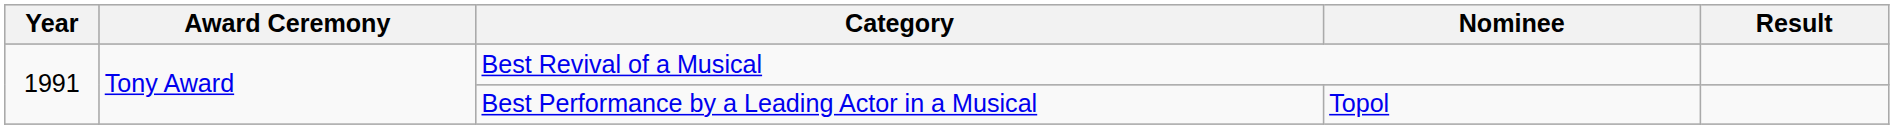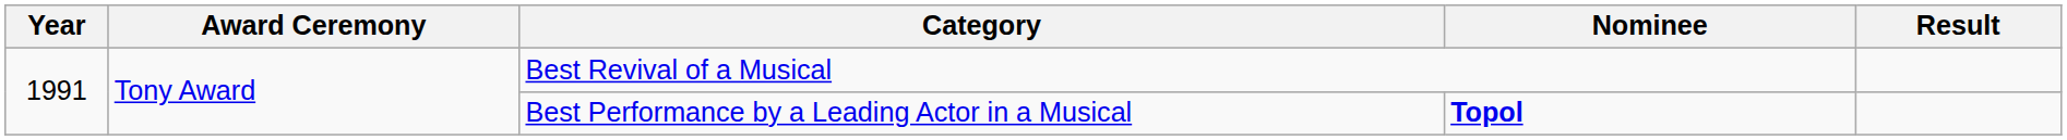 <table class="wikitable" width="95%">
 <tr>
 <th width="5%">Year</th>
 <th width="20%">Award Ceremony</th>
 <th width="45%">Category</th>
 <th width="20%">Nominee</th>
 <th width="10%">Result</th>
 </tr>
 <tr>
 <td rowspan="2" align="center">1991</td>
 <td rowspan="2"><a href='#'>Tony Award</a></td>
 <td colspan="2"><a href='#'>Best Revival of a Musical</a></td>
 <td></td>
 </tr>
 <tr>
 <td><a href='#'>Best Performance by a Leading Actor in a Musical</a></td>
-<td><a href='#'>Topol</a></td>
+<td><strong><a href='#'>Topol</a></strong></td>
 <td></td>
 </tr>
 </table>
